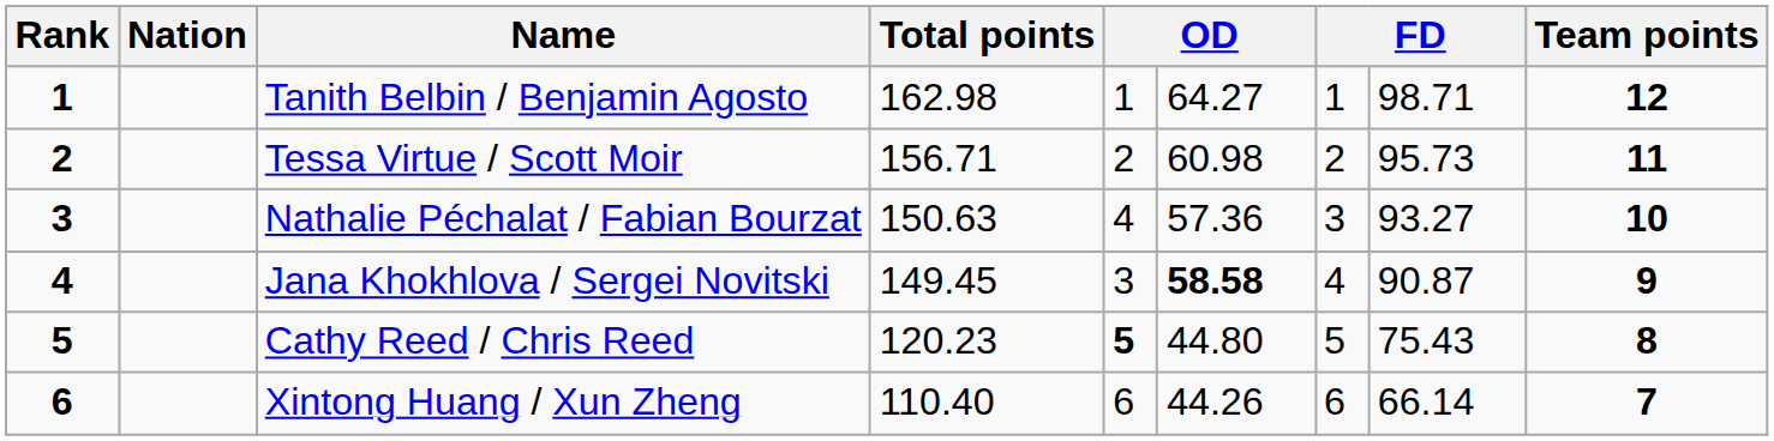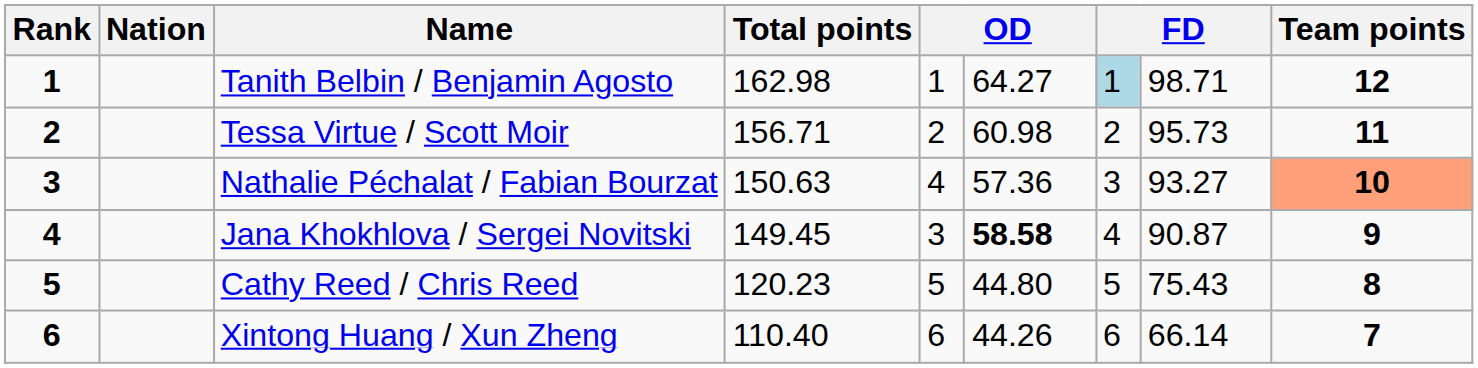 <table class="wikitable sortable">
 <tr>
 <th>Rank</th>
 <th>Nation</th>
 <th>Name</th>
 <th>Total points</th>
 <th colspan="2" width="80px"><a href='#'>OD</a></th>
 <th colspan="2" width="80px"><a href='#'>FD</a></th>
 <th>Team points</th>
 </tr>
 <tr>
 <td align="center"><strong>1</strong></td>
 <td></td>
 <td><a href='#'>Tanith Belbin</a> / <a href='#'>Benjamin Agosto</a></td>
 <td>162.98</td>
 <td>1</td>
 <td>64.27</td>
-<td>1</td>
+<td style="background: lightblue;">1</td>
 <td>98.71</td>
 <td align="center"><strong>12</strong></td>
 </tr>
 <tr>
 <td align="center"><strong>2</strong></td>
 <td></td>
 <td><a href='#'>Tessa Virtue</a> / <a href='#'>Scott Moir</a></td>
 <td>156.71</td>
 <td>2</td>
 <td>60.98</td>
 <td>2</td>
 <td>95.73</td>
 <td align="center"><strong>11</strong></td>
 </tr>
 <tr>
 <td align="center"><strong>3</strong></td>
 <td></td>
 <td><a href='#'>Nathalie Péchalat</a> / <a href='#'>Fabian Bourzat</a></td>
 <td>150.63</td>
 <td>4</td>
 <td>57.36</td>
 <td>3</td>
 <td>93.27</td>
-<td align="center"><strong>10</strong></td>
+<td align="center" style="background: lightsalmon;"><strong>10</strong></td>
 </tr>
 <tr>
 <td align="center"><strong>4</strong></td>
 <td></td>
 <td><a href='#'>Jana Khokhlova</a> / <a href='#'>Sergei Novitski</a></td>
 <td>149.45</td>
 <td>3</td>
 <td><strong>58.58</strong></td>
 <td>4</td>
 <td>90.87</td>
 <td align="center"><strong>9</strong></td>
 </tr>
 <tr>
 <td align="center"><strong>5</strong></td>
 <td></td>
 <td><a href='#'>Cathy Reed</a> / <a href='#'>Chris Reed</a></td>
 <td>120.23</td>
-<td><strong>5</strong></td>
+<td>5</td>
 <td>44.80</td>
 <td>5</td>
 <td>75.43</td>
 <td align="center"><strong>8</strong></td>
 </tr>
 <tr>
 <td align="center"><strong>6</strong></td>
 <td></td>
 <td><a href='#'>Xintong Huang</a> / <a href='#'>Xun Zheng</a></td>
 <td>110.40</td>
 <td>6</td>
 <td>44.26</td>
 <td>6</td>
 <td>66.14</td>
 <td align="center"><strong>7</strong></td>
 </tr>
 </table>
